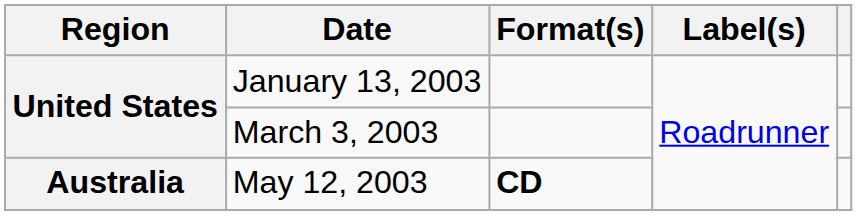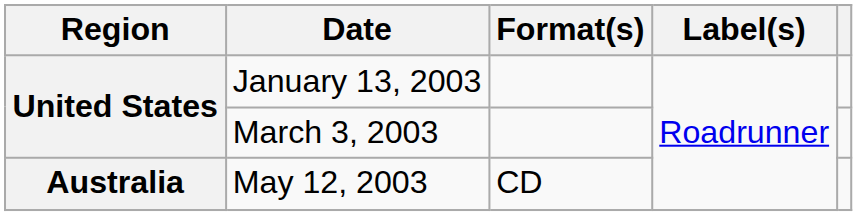 <table class="wikitable plainrowheaders" style="text-align:left">
 <tr>
 <th scope="col">Region</th>
 <th scope="col">Date</th>
 <th scope="col">Format(s)</th>
 <th scope="col">Label(s)</th>
 <th scope="col"></th>
 </tr>
 <tr>
 <th scope="row" rowspan="2">United States</th>
 <td>January 13, 2003</td>
 <td></td>
 <td rowspan="3"><a href='#'>Roadrunner</a></td>
 <td></td>
 </tr>
 <tr>
 <td>March 3, 2003</td>
 <td></td>
 <td></td>
 </tr>
 <tr>
 <th scope="row">Australia</th>
 <td>May 12, 2003</td>
-<td><strong>CD</strong></td>
+<td>CD</td>
 <td></td>
 </tr>
 </table>
